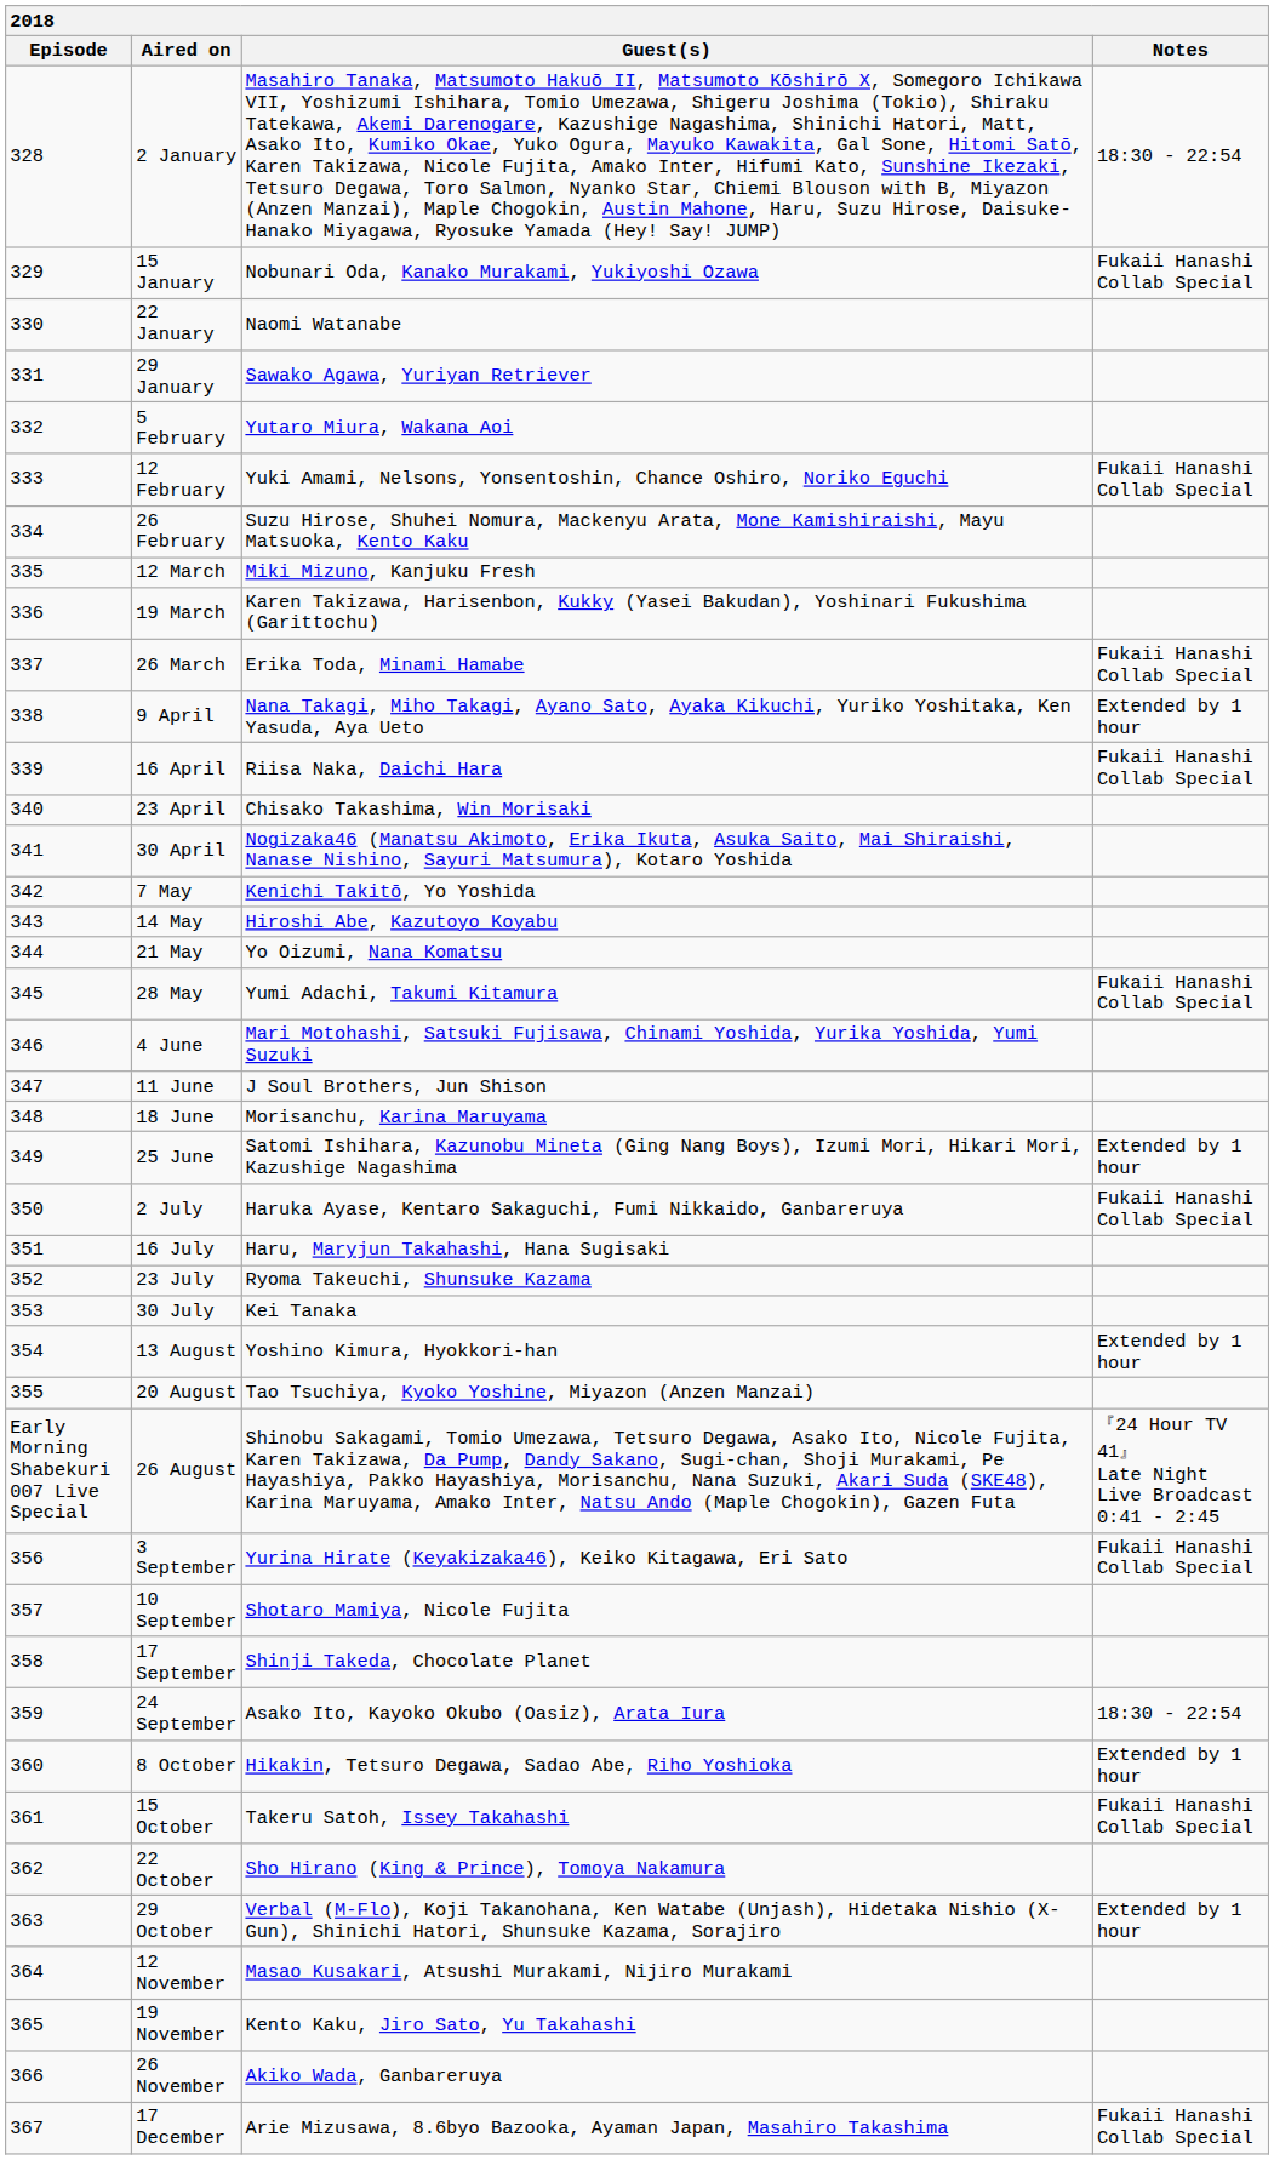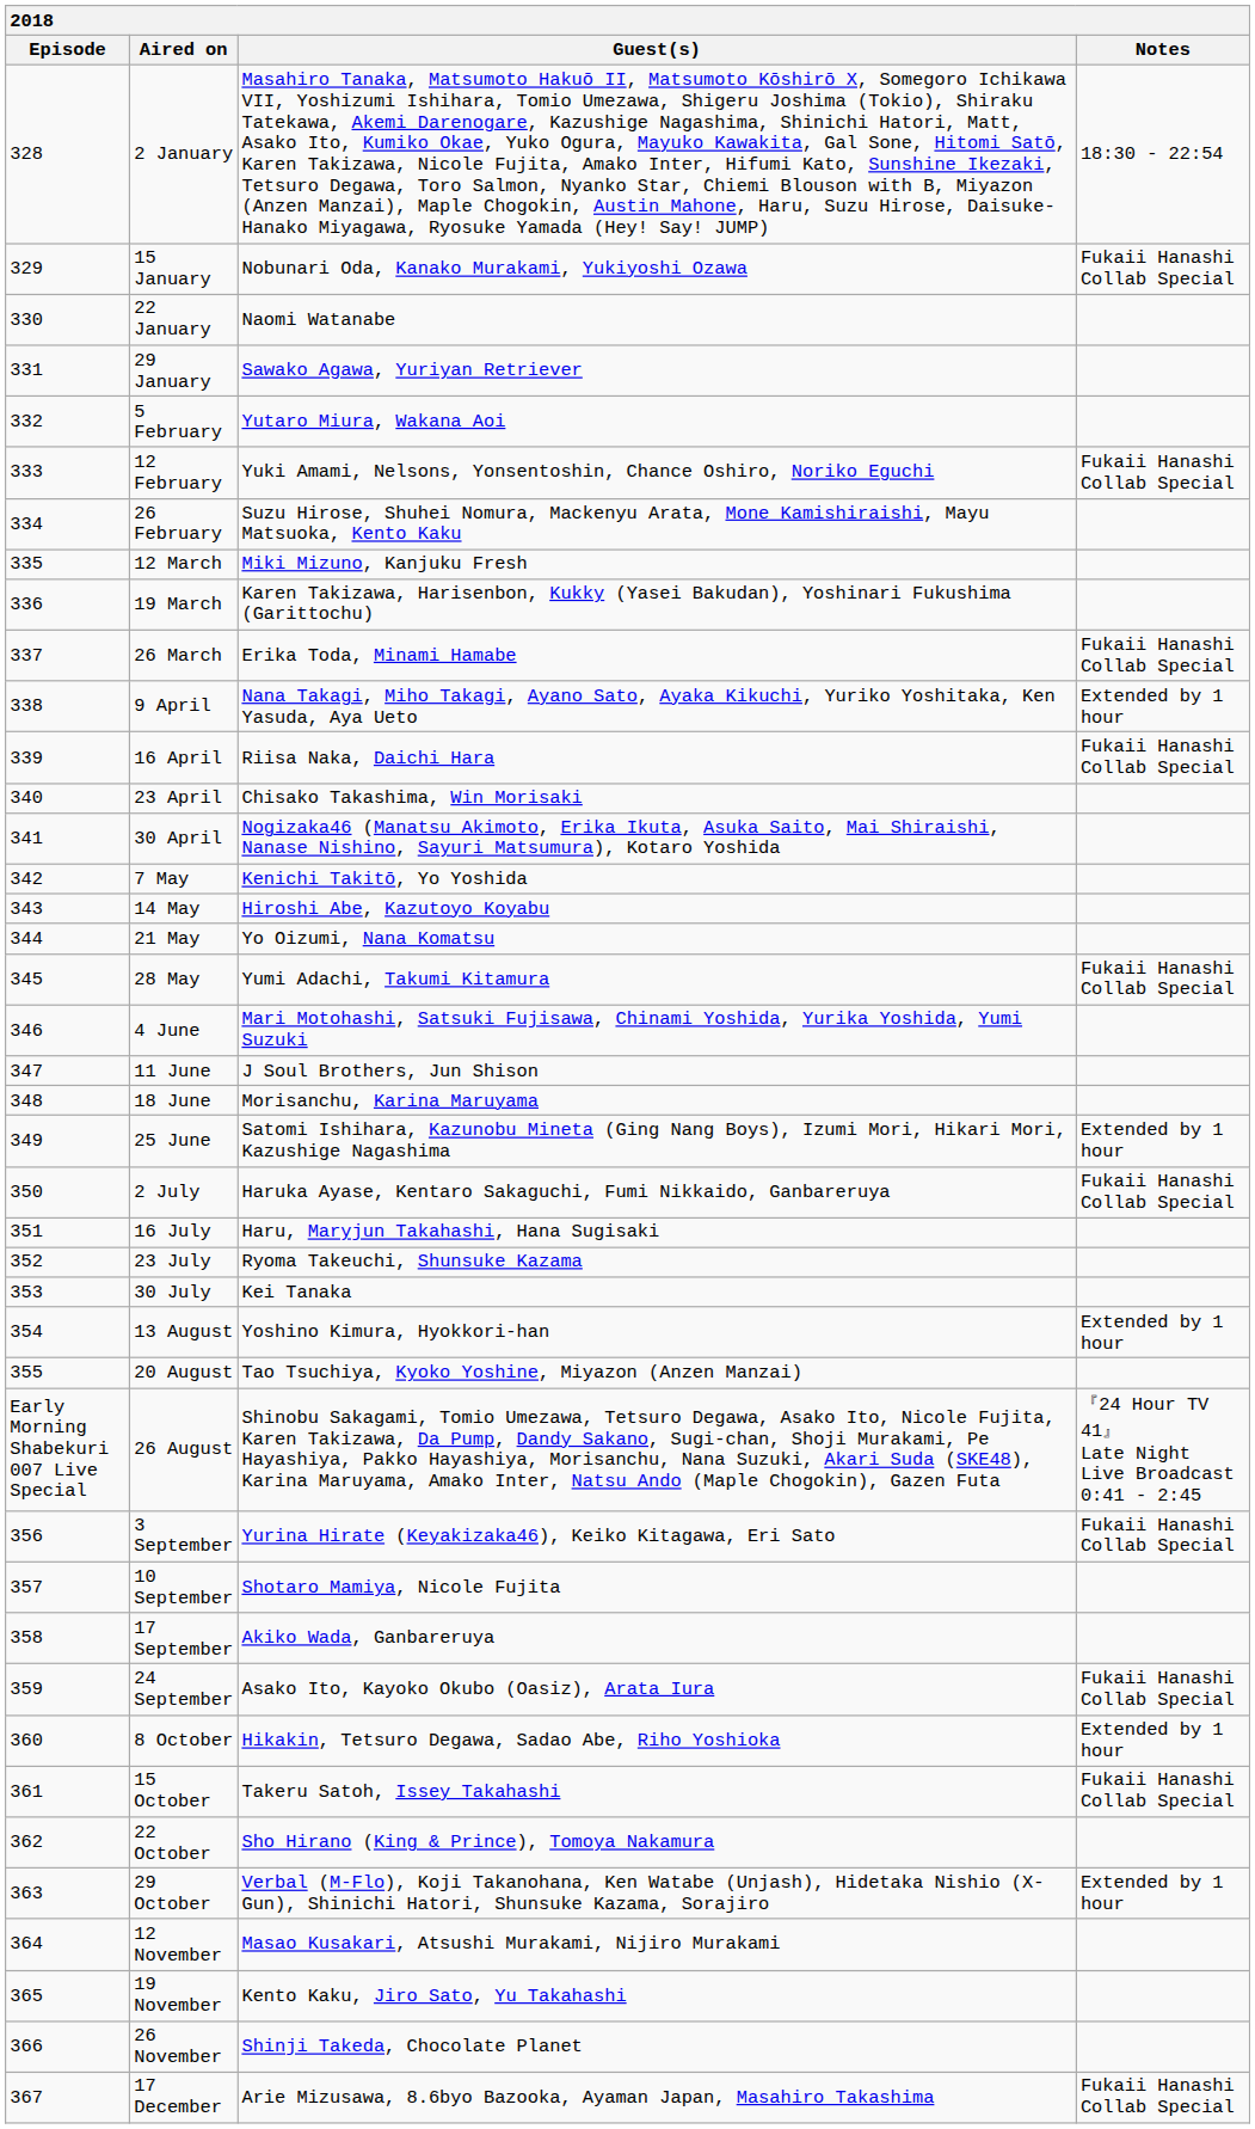 <table class="wikitable collapsible" style="width:100%">
 <tr>
 <th colspan="5" style="text-align:left">2018</th>
 </tr>
 <tr align="center">
 <th width="10%">Episode</th>
 <th width="8%">Aired on</th>
 <th width="68%">Guest(s)</th>
 <th width="14%">Notes</th>
 </tr>
 <tr align="left">
 <td>328</td>
 <td>2 January</td>
 <td><a href='#'>Masahiro Tanaka</a>, <a href='#'>Matsumoto Hakuō II</a>, <a href='#'>Matsumoto Kōshirō X</a>, Somegoro Ichikawa VII, Yoshizumi Ishihara, Tomio Umezawa, Shigeru Joshima (Tokio), Shiraku Tatekawa, <a href='#'>Akemi Darenogare</a>, Kazushige Nagashima, Shinichi Hatori, Matt, Asako Ito, <a href='#'>Kumiko Okae</a>, Yuko Ogura, <a href='#'>Mayuko Kawakita</a>, Gal Sone, <a href='#'>Hitomi Satō</a>, Karen Takizawa, Nicole Fujita, Amako Inter, Hifumi Kato, <a href='#'>Sunshine Ikezaki</a>, Tetsuro Degawa, Toro Salmon, Nyanko Star, Chiemi Blouson with B, Miyazon (Anzen Manzai), Maple Chogokin, <a href='#'>Austin Mahone</a>, Haru, Suzu Hirose, Daisuke-Hanako Miyagawa, Ryosuke Yamada (Hey! Say! JUMP)</td>
 <td>18:30 - 22:54</td>
 </tr>
 <tr>
 <td>329</td>
 <td>15 January</td>
 <td>Nobunari Oda, <a href='#'>Kanako Murakami</a>, <a href='#'>Yukiyoshi Ozawa</a></td>
 <td>Fukaii Hanashi Collab Special</td>
 </tr>
 <tr>
 <td>330</td>
 <td>22 January</td>
 <td>Naomi Watanabe</td>
 <td></td>
 </tr>
 <tr>
 <td>331</td>
 <td>29 January</td>
 <td><a href='#'>Sawako Agawa</a>, <a href='#'>Yuriyan Retriever</a></td>
 <td></td>
 </tr>
 <tr>
 <td>332</td>
 <td>5 February</td>
 <td><a href='#'>Yutaro Miura</a>, <a href='#'>Wakana Aoi</a></td>
 <td></td>
 </tr>
 <tr>
 <td>333</td>
 <td>12 February</td>
 <td>Yuki Amami, Nelsons, Yonsentoshin, Chance Oshiro, <a href='#'>Noriko Eguchi</a></td>
 <td>Fukaii Hanashi Collab Special</td>
 </tr>
 <tr>
 <td>334</td>
 <td>26 February</td>
 <td>Suzu Hirose, Shuhei Nomura, Mackenyu Arata, <a href='#'>Mone Kamishiraishi</a>, Mayu Matsuoka, <a href='#'>Kento Kaku</a></td>
 <td></td>
 </tr>
 <tr>
 <td>335</td>
 <td>12 March</td>
 <td><a href='#'>Miki Mizuno</a>, Kanjuku Fresh</td>
 <td></td>
 </tr>
 <tr>
 <td>336</td>
 <td>19 March</td>
 <td>Karen Takizawa, Harisenbon, <a href='#'>Kukky</a> (Yasei Bakudan), Yoshinari Fukushima (Garittochu)</td>
 <td></td>
 </tr>
 <tr>
 <td>337</td>
 <td>26 March</td>
 <td>Erika Toda, <a href='#'>Minami Hamabe</a></td>
 <td>Fukaii Hanashi Collab Special</td>
 </tr>
 <tr>
 <td>338</td>
 <td>9 April</td>
 <td><a href='#'>Nana Takagi</a>, <a href='#'>Miho Takagi</a>, <a href='#'>Ayano Sato</a>, <a href='#'>Ayaka Kikuchi</a>, Yuriko Yoshitaka, Ken Yasuda, Aya Ueto</td>
 <td>Extended by 1 hour</td>
 </tr>
 <tr>
 <td>339</td>
 <td>16 April</td>
 <td>Riisa Naka, <a href='#'>Daichi Hara</a></td>
 <td>Fukaii Hanashi Collab Special</td>
 </tr>
 <tr>
 <td>340</td>
 <td>23 April</td>
 <td>Chisako Takashima, <a href='#'>Win Morisaki</a></td>
 <td></td>
 </tr>
 <tr>
 <td>341</td>
 <td>30 April</td>
 <td><a href='#'>Nogizaka46</a> (<a href='#'>Manatsu Akimoto</a>, <a href='#'>Erika Ikuta</a>, <a href='#'>Asuka Saito</a>, <a href='#'>Mai Shiraishi</a>, <a href='#'>Nanase Nishino</a>, <a href='#'>Sayuri Matsumura</a>), Kotaro Yoshida</td>
 <td></td>
 </tr>
 <tr>
 <td>342</td>
 <td>7 May</td>
 <td><a href='#'>Kenichi Takitō</a>, Yo Yoshida</td>
 <td></td>
 </tr>
 <tr>
 <td>343</td>
 <td>14 May</td>
 <td><a href='#'>Hiroshi Abe</a>, <a href='#'>Kazutoyo Koyabu</a></td>
 <td></td>
 </tr>
 <tr>
 <td>344</td>
 <td>21 May</td>
 <td>Yo Oizumi, <a href='#'>Nana Komatsu</a></td>
 <td></td>
 </tr>
 <tr>
 <td>345</td>
 <td>28 May</td>
 <td>Yumi Adachi, <a href='#'>Takumi Kitamura</a></td>
 <td>Fukaii Hanashi Collab Special</td>
 </tr>
 <tr>
 <td>346</td>
 <td>4 June</td>
 <td><a href='#'>Mari Motohashi</a>, <a href='#'>Satsuki Fujisawa</a>, <a href='#'>Chinami Yoshida</a>, <a href='#'>Yurika Yoshida</a>, <a href='#'>Yumi Suzuki</a></td>
 <td></td>
 </tr>
 <tr>
 <td>347</td>
 <td>11 June</td>
 <td>J Soul Brothers, Jun Shison</td>
 <td></td>
 </tr>
 <tr>
 <td>348</td>
 <td>18 June</td>
 <td>Morisanchu, <a href='#'>Karina Maruyama</a></td>
 <td></td>
 </tr>
 <tr>
 <td>349</td>
 <td>25 June</td>
 <td>Satomi Ishihara, <a href='#'>Kazunobu Mineta</a> (Ging Nang Boys), Izumi Mori, Hikari Mori, Kazushige Nagashima</td>
 <td>Extended by 1 hour</td>
 </tr>
 <tr>
 <td>350</td>
 <td>2 July</td>
 <td>Haruka Ayase, Kentaro Sakaguchi, Fumi Nikkaido, Ganbareruya</td>
 <td>Fukaii Hanashi Collab Special</td>
 </tr>
 <tr>
 <td>351</td>
 <td>16 July</td>
 <td>Haru, <a href='#'>Maryjun Takahashi</a>, Hana Sugisaki</td>
 <td></td>
 </tr>
 <tr>
 <td>352</td>
 <td>23 July</td>
 <td>Ryoma Takeuchi, <a href='#'>Shunsuke Kazama</a></td>
 <td></td>
 </tr>
 <tr>
 <td>353</td>
 <td>30 July</td>
 <td>Kei Tanaka</td>
 <td></td>
 </tr>
 <tr>
 <td>354</td>
 <td>13 August</td>
 <td>Yoshino Kimura, Hyokkori-han</td>
 <td>Extended by 1 hour</td>
 </tr>
 <tr>
 <td>355</td>
 <td>20 August</td>
 <td>Tao Tsuchiya, <a href='#'>Kyoko Yoshine</a>, Miyazon (Anzen Manzai)</td>
 <td></td>
 </tr>
 <tr>
 <td>Early Morning Shabekuri 007 Live Special</td>
 <td>26 August</td>
 <td>Shinobu Sakagami, Tomio Umezawa, Tetsuro Degawa, Asako Ito, Nicole Fujita, Karen Takizawa, <a href='#'>Da Pump</a>, <a href='#'>Dandy Sakano</a>, Sugi-chan, Shoji Murakami, Pe Hayashiya, Pakko Hayashiya, Morisanchu, Nana Suzuki, <a href='#'>Akari Suda</a> (<a href='#'>SKE48</a>), Karina Maruyama, Amako Inter, <a href='#'>Natsu Ando</a> (Maple Chogokin), Gazen Futa</td>
 <td>『24 Hour TV 41』<br>Late Night Live Broadcast 0:41 - 2:45</td>
 </tr>
 <tr>
 <td>356</td>
 <td>3 September</td>
 <td><a href='#'>Yurina Hirate</a> (<a href='#'>Keyakizaka46</a>), Keiko Kitagawa, Eri Sato</td>
 <td>Fukaii Hanashi Collab Special</td>
 </tr>
 <tr>
 <td>357</td>
 <td>10 September</td>
 <td><a href='#'>Shotaro Mamiya</a>, Nicole Fujita</td>
 <td></td>
 </tr>
 <tr>
 <td>358</td>
 <td>17 September</td>
-<td><a href='#'>Shinji Takeda</a>, Chocolate Planet</td>
+<td><a href='#'>Akiko Wada</a>, Ganbareruya</td>
 <td></td>
 </tr>
 <tr>
 <td>359</td>
 <td>24 September</td>
 <td>Asako Ito, Kayoko Okubo (Oasiz), <a href='#'>Arata Iura</a></td>
-<td>18:30 - 22:54</td>
+<td>Fukaii Hanashi Collab Special</td>
 </tr>
 <tr>
 <td>360</td>
 <td>8 October</td>
 <td><a href='#'>Hikakin</a>, Tetsuro Degawa, Sadao Abe, <a href='#'>Riho Yoshioka</a></td>
 <td>Extended by 1 hour</td>
 </tr>
 <tr>
 <td>361</td>
 <td>15 October</td>
 <td>Takeru Satoh, <a href='#'>Issey Takahashi</a></td>
 <td>Fukaii Hanashi Collab Special</td>
 </tr>
 <tr>
 <td>362</td>
 <td>22 October</td>
 <td><a href='#'>Sho Hirano</a> (<a href='#'>King & Prince</a>), <a href='#'>Tomoya Nakamura</a></td>
 <td></td>
 </tr>
 <tr>
 <td>363</td>
 <td>29 October</td>
 <td><a href='#'>Verbal</a> (<a href='#'>M-Flo</a>), Koji Takanohana, Ken Watabe (Unjash), Hidetaka Nishio (X-Gun), Shinichi Hatori, Shunsuke Kazama, Sorajiro</td>
 <td>Extended by 1 hour</td>
 </tr>
 <tr>
 <td>364</td>
 <td>12 November</td>
 <td><a href='#'>Masao Kusakari</a>, Atsushi Murakami, Nijiro Murakami</td>
 <td></td>
 </tr>
 <tr>
 <td>365</td>
 <td>19 November</td>
 <td>Kento Kaku, <a href='#'>Jiro Sato</a>, <a href='#'>Yu Takahashi</a></td>
 <td></td>
 </tr>
 <tr>
 <td>366</td>
 <td>26 November</td>
-<td><a href='#'>Akiko Wada</a>, Ganbareruya</td>
+<td><a href='#'>Shinji Takeda</a>, Chocolate Planet</td>
 <td></td>
 </tr>
 <tr>
 <td>367</td>
 <td>17 December</td>
 <td>Arie Mizusawa, 8.6byo Bazooka, Ayaman Japan, <a href='#'>Masahiro Takashima</a></td>
 <td>Fukaii Hanashi Collab Special</td>
 </tr>
 </table>
